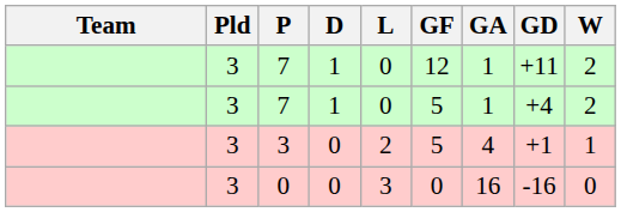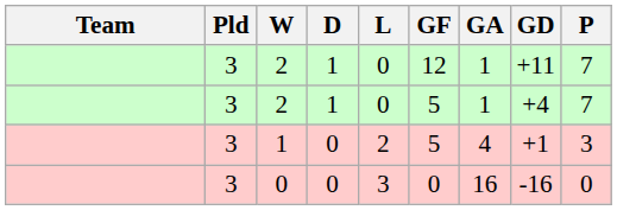 <table class="wikitable">
 <tr>
 <th width=120>Team</th>
 <th width=25>Pld</th>
-<th width=25>P</th>
+<th width=25>W</th>
 <th width=25>D</th>
 <th width=25>L</th>
 <th width=25>GF</th>
 <th width=25>GA</th>
 <th width=25>GD</th>
-<th width=25>W</th>
+<th width=25>P</th>
 </tr>
 <tr align=center bgcolor=#ccffcc>
 <td align=left></td>
 <td>3</td>
-<td>7</td>
+<td>2</td>
 <td>1</td>
 <td>0</td>
 <td>12</td>
 <td>1</td>
 <td>+11</td>
-<td>2</td>
+<td>7</td>
 </tr>
 <tr align=center bgcolor=#ccffcc>
 <td align=left></td>
 <td>3</td>
-<td>7</td>
+<td>2</td>
 <td>1</td>
 <td>0</td>
 <td>5</td>
 <td>1</td>
 <td>+4</td>
-<td>2</td>
+<td>7</td>
 </tr>
 <tr align=center bgcolor=#ffcccc>
 <td align=left></td>
 <td>3</td>
-<td>3</td>
+<td>1</td>
 <td>0</td>
 <td>2</td>
 <td>5</td>
 <td>4</td>
 <td>+1</td>
-<td>1</td>
+<td>3</td>
 </tr>
 <tr align=center bgcolor=#ffcccc>
 <td align=left></td>
 <td>3</td>
 <td>0</td>
 <td>0</td>
 <td>3</td>
 <td>0</td>
 <td>16</td>
 <td>-16</td>
 <td>0</td>
 </tr>
 </table>
